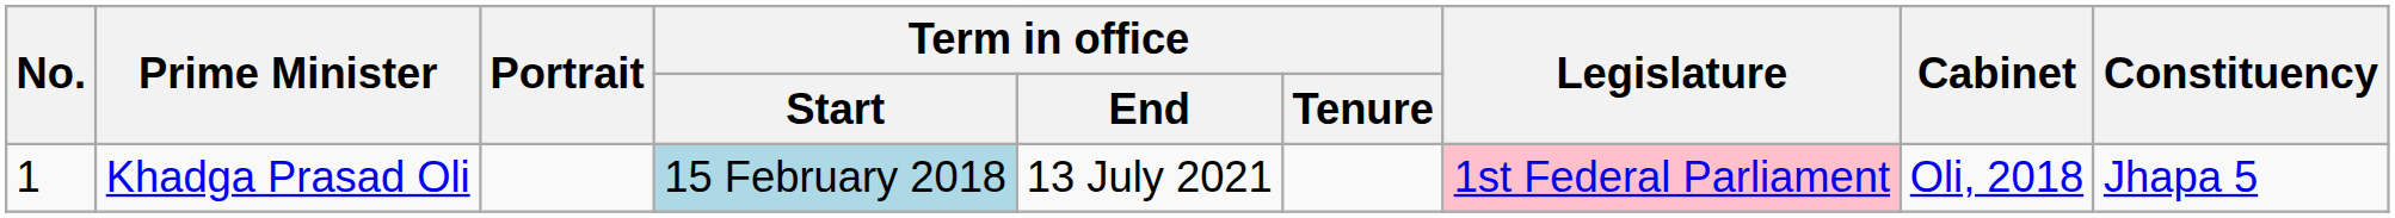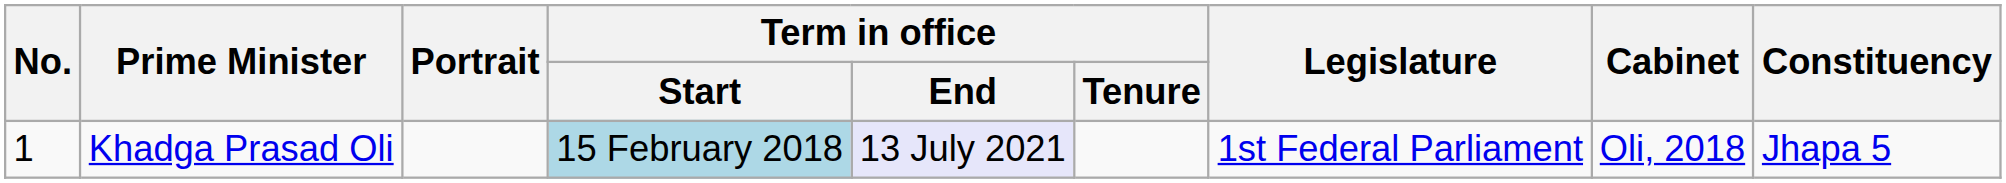 <table class="wikitable">
 <tr>
 <th rowspan="2" style="background-color:">No.</th>
 <th rowspan="2" style="background-color:">Prime Minister</th>
 <th rowspan="2" style="background-color:">Portrait</th>
 <th colspan="3" style="background-color:">Term in office</th>
 <th rowspan="2" style="background-color:">Legislature</th>
 <th rowspan="2" style="background-color:">Cabinet</th>
 <th rowspan="2" style="background-color:">Constituency</th>
 </tr>
 <tr>
 <th style="background-color:">Start</th>
 <th style="background-color:">End</th>
 <th style="background-color:">Tenure</th>
 </tr>
 <tr>
 <td>1</td>
 <td><a href='#'>Khadga Prasad Oli</a></td>
 <td></td>
 <td style="background: lightblue;">15 February 2018</td>
-<td>13 July 2021</td>
+<td style="background: lavender;">13 July 2021</td>
 <td></td>
-<td style="background: pink;"><a href='#'>1st Federal Parliament</a></td>
+<td><a href='#'>1st Federal Parliament</a></td>
 <td><a href='#'>Oli, 2018</a></td>
 <td><a href='#'>Jhapa 5</a></td>
 </tr>
 </table>
